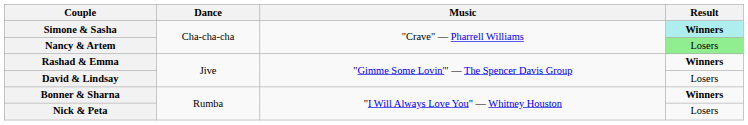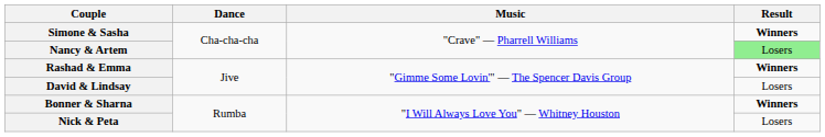 <table class="wikitable unsortable" style="text-align:center; width:90%">
 <tr>
 <th scope="col">Couple</th>
 <th scope="col">Dance</th>
 <th scope="col">Music</th>
 <th scope="col">Result</th>
 </tr>
 <tr>
 <th scope="row">Simone & Sasha</th>
 <td rowspan=2>Cha-cha-cha</td>
 <td rowspan=2>"Crave" — <a href='#'>Pharrell Williams</a></td>
-<td style="background: paleturquoise;"><strong>Winners</strong></td>
+<td><strong>Winners</strong></td>
 </tr>
 <tr>
 <th scope="row">Nancy & Artem</th>
 <td style="background: lightgreen;">Losers</td>
 </tr>
 <tr>
 <th scope="row">Rashad & Emma</th>
 <td rowspan=2>Jive</td>
 <td rowspan=2>"<a href='#'>Gimme Some Lovin'</a>" — <a href='#'>The Spencer Davis Group</a></td>
 <td><strong>Winners</strong></td>
 </tr>
 <tr>
 <th scope="row">David & Lindsay</th>
 <td>Losers</td>
 </tr>
 <tr>
 <th scope="row">Bonner & Sharna</th>
 <td rowspan=2>Rumba</td>
 <td rowspan=2>"<a href='#'>I Will Always Love You</a>" — <a href='#'>Whitney Houston</a></td>
 <td><strong>Winners</strong></td>
 </tr>
 <tr>
 <th scope="row">Nick & Peta</th>
 <td>Losers</td>
 </tr>
 </table>
